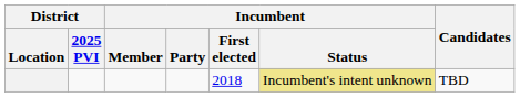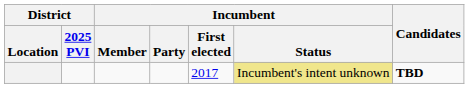 <table class="wikitable sortable">
 <tr>
 <th colspan=2>District</th>
 <th colspan=4>Incumbent</th>
 <th rowspan=2 class="unsortable">Candidates</th>
 </tr>
 <tr valign=bottom>
 <th>Location</th>
 <th><a href='#'>2025<br>PVI</a></th>
 <th>Member</th>
 <th>Party</th>
 <th>First<br>elected</th>
 <th>Status</th>
 </tr>
 <tr>
 <th></th>
 <td></td>
 <td></td>
 <td></td>
-<td><a href='#'>2018</a></td>
+<td><a href='#'>2017</a></td>
 <td style="background: khaki;">Incumbent's intent unknown</td>
-<td>TBD</td>
+<td><strong>TBD</strong></td>
 </tr>
 </table>
